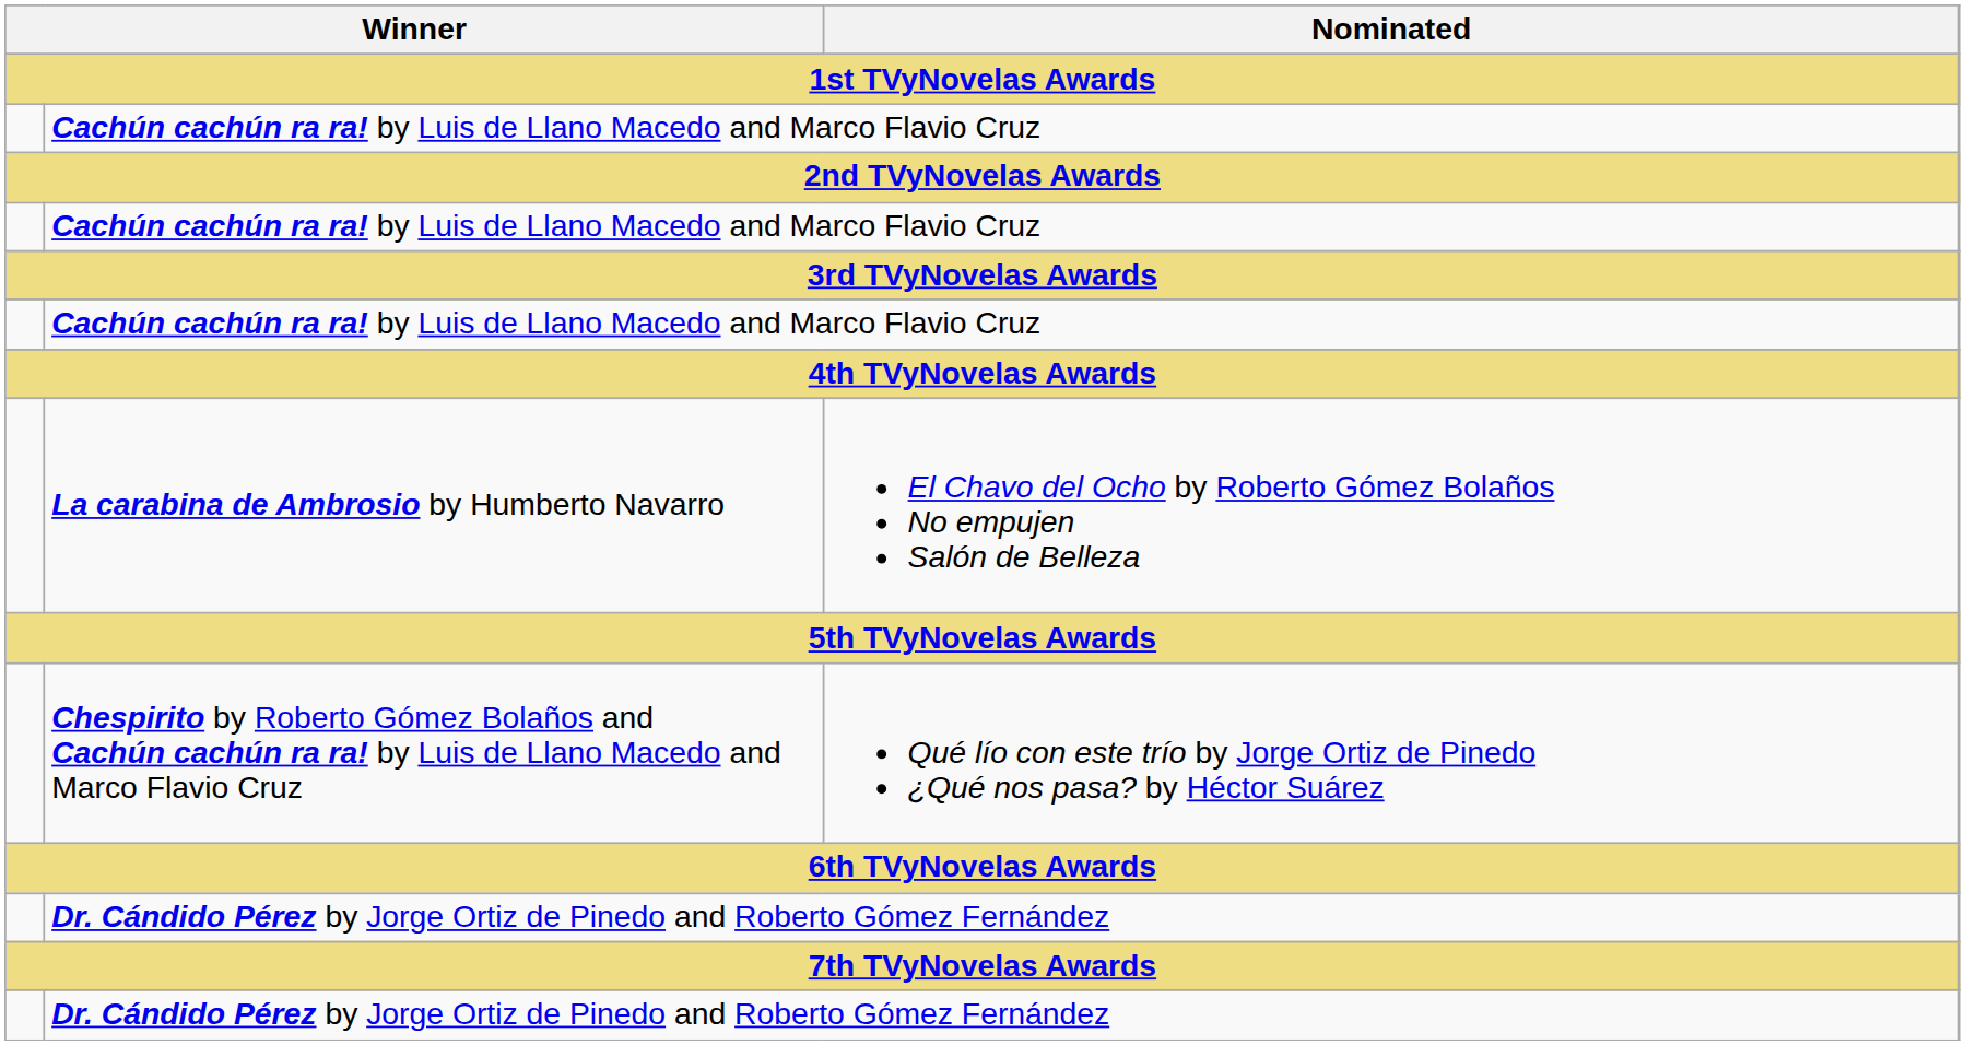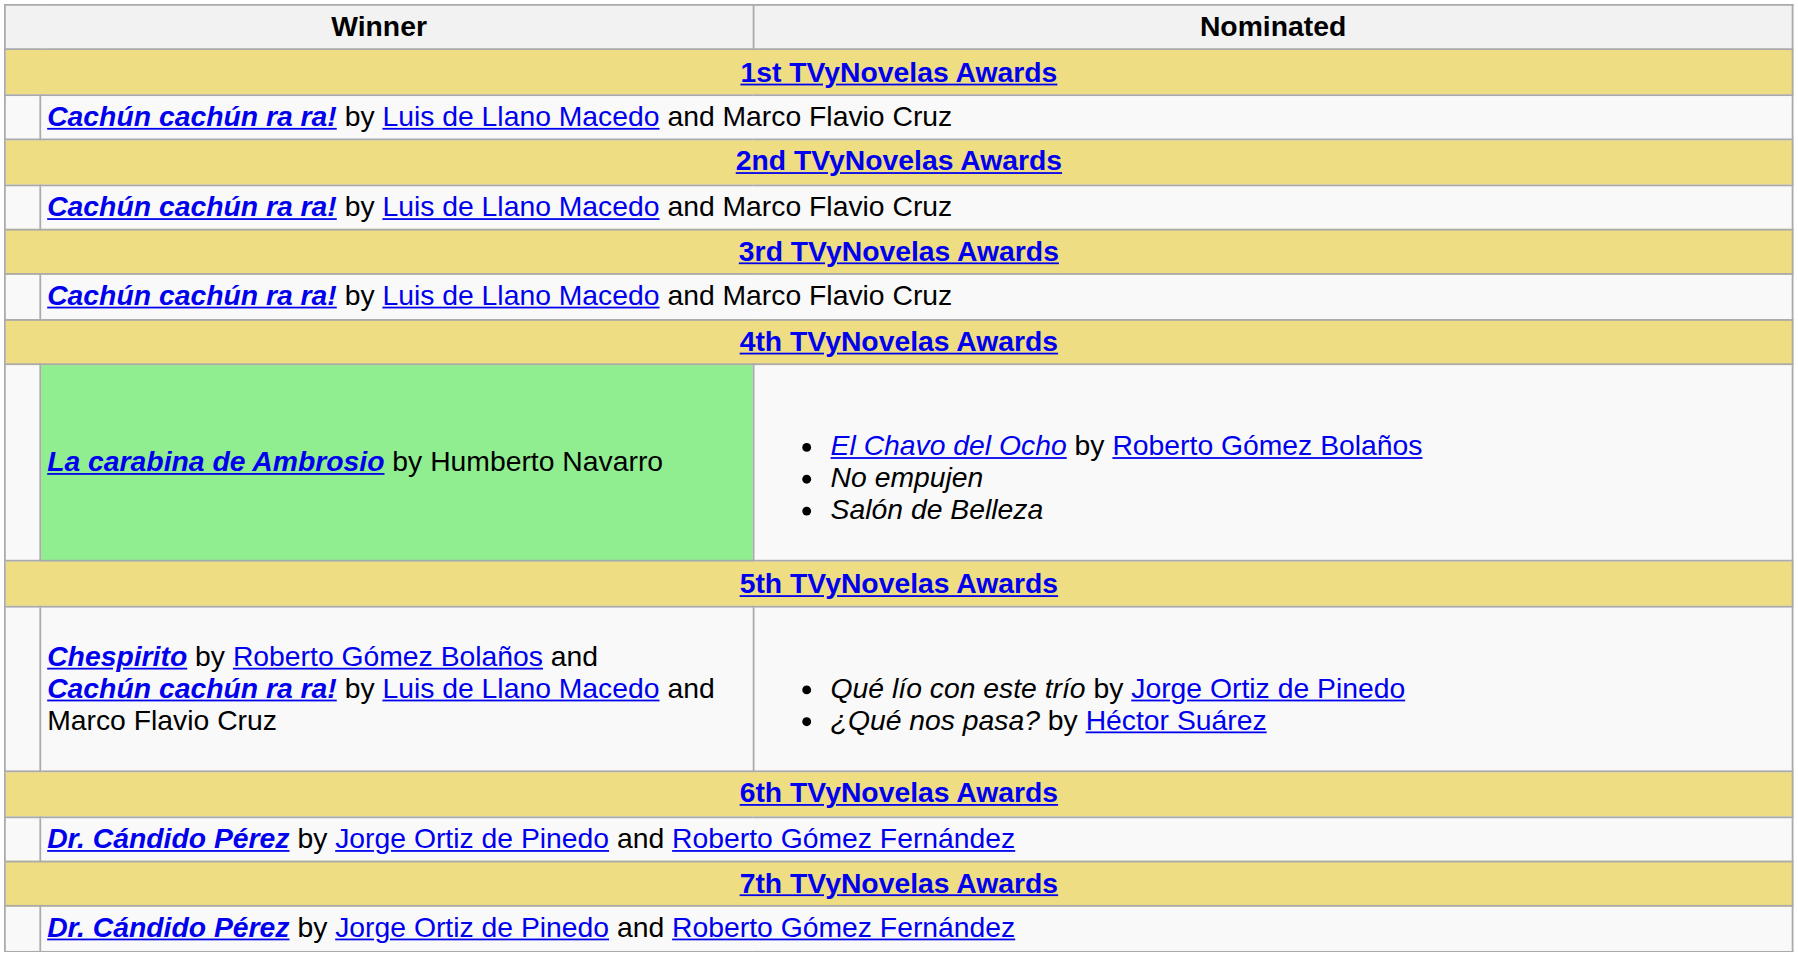 <table class="wikitable" width=80%>
 <tr align=center>
 <th width="150px;" colspan=2; align="center">Winner</th>
 <th width="580px;" align="center">Nominated</th>
 </tr>
 <tr>
 <th colspan=9 style="background:#EEDD82;"  align="center"><strong><a href='#'>1st TVyNovelas Awards</a></strong></th>
 </tr>
 <tr>
 <td width=2%></td>
 <td colspan=2><strong><em><a href='#'>Cachún cachún ra ra!</a></em></strong> by <a href='#'>Luis de Llano Macedo</a> and Marco Flavio Cruz</td>
 </tr>
 <tr>
 <th colspan=9 style="background:#EEDD82;"  align="center"><strong><a href='#'>2nd TVyNovelas Awards</a></strong></th>
 </tr>
 <tr>
 <td width=2%></td>
 <td colspan=2><strong><em><a href='#'>Cachún cachún ra ra!</a></em></strong> by <a href='#'>Luis de Llano Macedo</a> and Marco Flavio Cruz</td>
 </tr>
 <tr>
 <th colspan=9 style="background:#EEDD82;"  align="center"><strong><a href='#'>3rd TVyNovelas Awards</a></strong></th>
 </tr>
 <tr>
 <td width=2%></td>
 <td colspan=2><strong><em><a href='#'>Cachún cachún ra ra!</a></em></strong> by <a href='#'>Luis de Llano Macedo</a> and Marco Flavio Cruz</td>
 </tr>
 <tr>
 <th colspan=9 style="background:#EEDD82;"  align="center"><strong><a href='#'>4th TVyNovelas Awards</a></strong></th>
 </tr>
 <tr>
 <td width=2%></td>
-<td><strong><em><a href='#'>La carabina de Ambrosio</a></em></strong> by Humberto Navarro</td>
+<td style="background: lightgreen;"><strong><em><a href='#'>La carabina de Ambrosio</a></em></strong> by Humberto Navarro</td>
 <td><br><ul><li><em><a href='#'>El Chavo del Ocho</a></em> by <a href='#'>Roberto Gómez Bolaños</a></li><li><em>No empujen</em></li><li><em>Salón de Belleza</em></li></ul></td>
 </tr>
 <tr>
 <th colspan=9 style="background:#EEDD82;"  align="center"><strong><a href='#'>5th TVyNovelas Awards</a></strong></th>
 </tr>
 <tr>
 <td width=2%></td>
 <td><strong><em><a href='#'>Chespirito</a></em></strong> by <a href='#'>Roberto Gómez Bolaños</a> and <br><strong><em><a href='#'>Cachún cachún ra ra!</a></em></strong> by <a href='#'>Luis de Llano Macedo</a> and Marco Flavio Cruz</td>
 <td><br><ul><li><em>Qué lío con este trío</em> by <a href='#'>Jorge Ortiz de Pinedo</a></li><li><em>¿Qué nos pasa?</em> by <a href='#'>Héctor Suárez</a></li></ul></td>
 </tr>
 <tr>
 <th colspan=9 style="background:#EEDD82;"  align="center"><strong><a href='#'>6th TVyNovelas Awards</a></strong></th>
 </tr>
 <tr>
 <td width=2%></td>
 <td colspan=2><strong><em><a href='#'>Dr. Cándido Pérez</a></em></strong> by <a href='#'>Jorge Ortiz de Pinedo</a> and <a href='#'>Roberto Gómez Fernández</a></td>
 </tr>
 <tr>
 <th colspan=9 style="background:#EEDD82;"  align="center"><strong><a href='#'>7th TVyNovelas Awards</a></strong></th>
 </tr>
 <tr>
 <td width=2%></td>
 <td colspan=2><strong><em><a href='#'>Dr. Cándido Pérez</a></em></strong> by <a href='#'>Jorge Ortiz de Pinedo</a> and <a href='#'>Roberto Gómez Fernández</a></td>
 </tr>
 </table>
